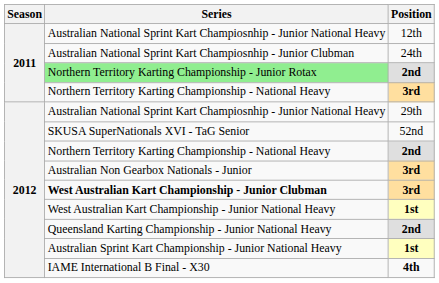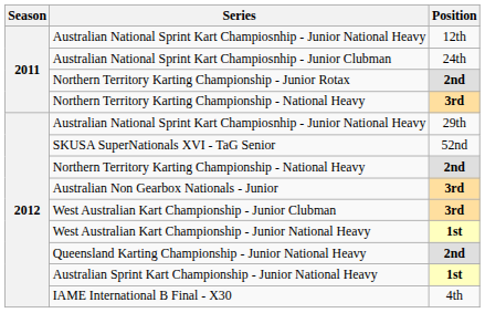 <table class="wikitable" style="font-size: 85%; text-align:center">
 <tr>
 <th>Season</th>
 <th>Series</th>
 <th>Position</th>
 </tr>
 <tr>
 <th rowspan=4>2011</th>
 <td align="left">Australian National Sprint Kart Champiosnhip - Junior National Heavy</td>
 <td align="center">12th</td>
 </tr>
 <tr>
 <td align="left">Australian National Sprint Kart Champiosnhip - Junior Clubman</td>
 <td align="center">24th</td>
 </tr>
 <tr>
-<td align="left" style="background: lightgreen;">Northern Territory Karting Championship - Junior Rotax</td>
+<td align="left">Northern Territory Karting Championship - Junior Rotax</td>
 <td align="center" style="background: #dfdfdf"><strong>2nd</strong></td>
 </tr>
 <tr>
 <td align="left">Northern Territory Karting Championship - National Heavy</td>
 <td align="center" style="background:#FFDF9F"><strong>3rd</strong></td>
 </tr>
 <tr>
 <th rowspan=9>2012</th>
 <td align="left">Australian National Sprint Kart Champiosnhip - Junior National Heavy</td>
 <td align="center">29th</td>
 </tr>
 <tr>
 <td align="left">SKUSA SuperNationals XVI - TaG Senior</td>
 <td align="center">52nd</td>
 </tr>
 <tr>
 <td align="left">Northern Territory Karting Championship - National Heavy</td>
 <td align="center" style="background: #dfdfdf"><strong>2nd</strong></td>
 </tr>
 <tr>
 <td align="left">Australian Non Gearbox Nationals - Junior</td>
 <td align="center" style="background:#FFDF9F"><strong>3rd</strong></td>
 </tr>
 <tr>
-<td align="left"><strong>West Australian Kart Championship - Junior Clubman</strong></td>
+<td align="left">West Australian Kart Championship - Junior Clubman</td>
 <td align="center" style="background:#FFDF9F"><strong>3rd</strong></td>
 </tr>
 <tr>
 <td align="left">West Australian Kart Championship - Junior National Heavy</td>
 <td align="center" style="background: #ffffbf"><strong>1st</strong></td>
 </tr>
 <tr>
 <td align="left">Queensland Karting Championship - Junior National Heavy</td>
 <td align="center" style="background: #dfdfdf"><strong>2nd</strong></td>
 </tr>
 <tr>
 <td align="left">Australian Sprint Kart Championship - Junior National Heavy</td>
 <td align="center" style="background: #ffffbf"><strong>1st</strong></td>
 </tr>
 <tr>
 <td align="left">IAME International B Final - X30</td>
-<td align="center"><strong>4th</strong></td>
+<td align="center">4th</td>
 </tr>
 </table>
